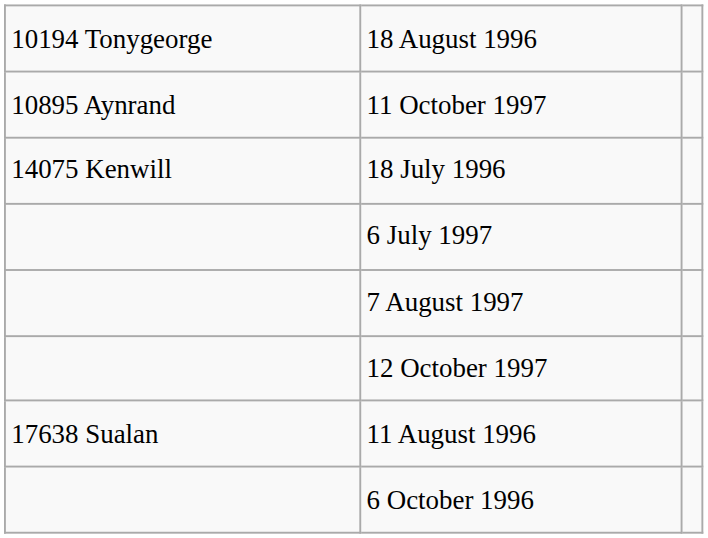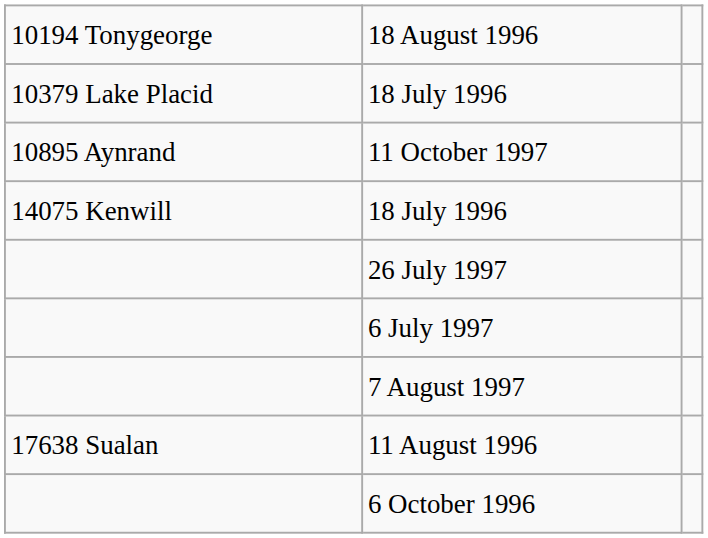 <table class="wikitable" style="font-size: 89%; float: left; width: 26em; margin-right: 1em; height: 280px;">
 <tr>
 <td>10194 Tonygeorge</td>
 <td>18 August 1996</td>
+<td></td>
+</tr>
+<tr>
+<td>10379 Lake Placid</td>
+<td>18 July 1996</td>
 <td></td>
 </tr>
 <tr>
 <td>10895 Aynrand</td>
 <td>11 October 1997</td>
 <td></td>
 </tr>
 <tr>
 <td>14075 Kenwill</td>
 <td>18 July 1996</td>
 <td></td>
 </tr>
 <tr>
 <td></td>
+<td>26 July 1997</td>
+<td></td>
+</tr>
+<tr>
+<td></td>
 <td>6 July 1997</td>
 <td></td>
 </tr>
 <tr>
 <td></td>
 <td>7 August 1997</td>
-<td></td>
-</tr>
-<tr>
-<td></td>
-<td>12 October 1997</td>
 <td></td>
 </tr>
 <tr>
 <td>17638 Sualan</td>
 <td>11 August 1996</td>
 <td></td>
 </tr>
 <tr>
 <td></td>
 <td>6 October 1996</td>
 <td></td>
 </tr>
 </table>
